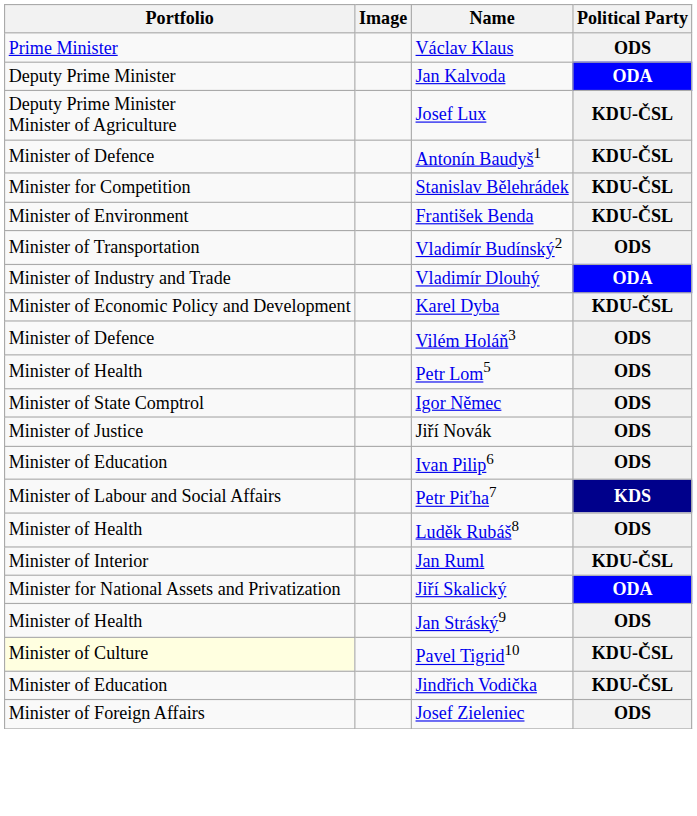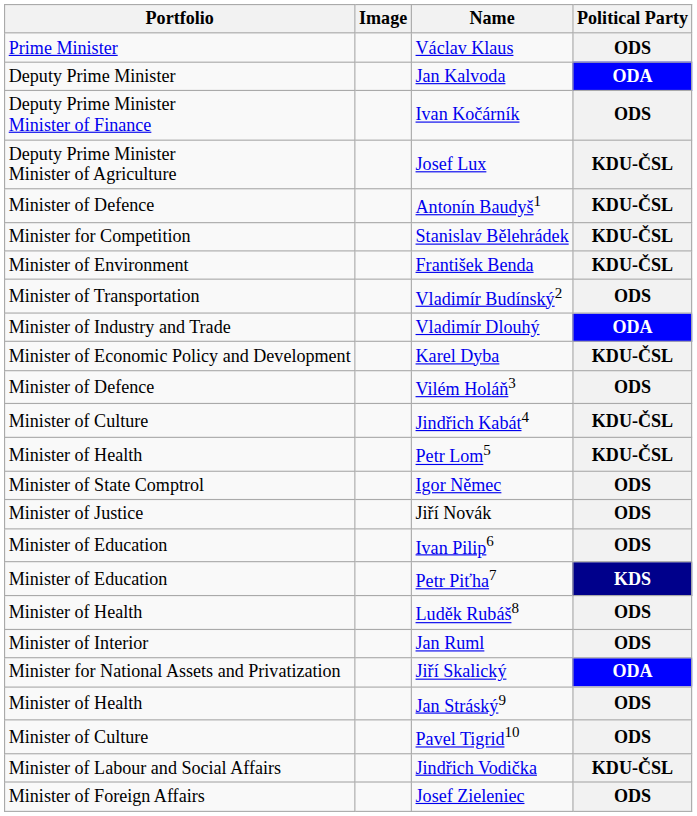 <table class="wikitable">
 <tr>
 <th>Portfolio</th>
 <th>Image</th>
 <th>Name</th>
 <th>Political Party</th>
 </tr>
 <tr>
 <td><a href='#'>Prime Minister</a></td>
 <td></td>
 <td><a href='#'>Václav Klaus</a></td>
 <th style="background-color:">ODS</th>
 </tr>
 <tr>
 <td>Deputy Prime Minister</td>
 <td></td>
 <td><a href='#'>Jan Kalvoda</a></td>
 <th style="background-color:#0000FF; color:white">ODA</th>
+</tr>
+<tr>
+<td>Deputy Prime Minister <br><a href='#'>Minister of Finance</a></td>
+<td></td>
+<td><a href='#'>Ivan Kočárník</a></td>
+<th style="background-color:">ODS</th>
 </tr>
 <tr>
 <td>Deputy Prime Minister <br>Minister of Agriculture</td>
 <td></td>
 <td><a href='#'>Josef Lux</a></td>
 <th style="background-color:">KDU-ČSL</th>
 </tr>
 <tr>
 <td>Minister of Defence</td>
 <td></td>
 <td><a href='#'>Antonín Baudyš</a><sup>1</sup></td>
 <th style="background-color:">KDU-ČSL</th>
 </tr>
 <tr>
 <td>Minister for Competition</td>
 <td></td>
 <td><a href='#'>Stanislav Bělehrádek</a></td>
 <th style="background-color:">KDU-ČSL</th>
 </tr>
 <tr>
 <td>Minister of Environment</td>
 <td></td>
 <td><a href='#'>František Benda</a></td>
 <th style="background-color:">KDU-ČSL</th>
 </tr>
 <tr>
 <td>Minister of Transportation</td>
 <td></td>
 <td><a href='#'>Vladimír Budínský</a><sup>2</sup></td>
 <th style="background-color:">ODS</th>
 </tr>
 <tr>
 <td>Minister of Industry and Trade</td>
 <td></td>
 <td><a href='#'>Vladimír Dlouhý</a></td>
 <th style="background-color:#0000FF; color:white">ODA</th>
 </tr>
 <tr>
 <td>Minister of Economic Policy and Development</td>
 <td></td>
 <td><a href='#'>Karel Dyba</a></td>
 <th style="background-color:">KDU-ČSL</th>
 </tr>
 <tr>
 <td>Minister of Defence</td>
 <td></td>
 <td><a href='#'>Vilém Holáň</a><sup>3</sup></td>
 <th style="background-color:">ODS</th>
 </tr>
 <tr>
+<td>Minister of Culture</td>
+<td></td>
+<td><a href='#'>Jindřich Kabát</a><sup>4</sup></td>
+<th style="background-color:">KDU-ČSL</th>
+</tr>
+<tr>
 <td>Minister of Health</td>
 <td></td>
 <td><a href='#'>Petr Lom</a><sup>5</sup></td>
-<th style="background-color:">ODS</th>
+<th style="background-color:">KDU-ČSL</th>
 </tr>
 <tr>
 <td>Minister of State Comptrol</td>
 <td></td>
 <td><a href='#'>Igor Němec</a></td>
 <th style="background-color:">ODS</th>
 </tr>
 <tr>
 <td>Minister of Justice</td>
 <td></td>
 <td>Jiří Novák</td>
 <th style="background-color:">ODS</th>
 </tr>
 <tr>
 <td>Minister of Education</td>
 <td></td>
 <td><a href='#'>Ivan Pilip</a><sup>6</sup></td>
 <th style="background-color:">ODS</th>
 </tr>
 <tr>
-<td>Minister of Labour and Social Affairs</td>
+<td>Minister of Education</td>
 <td></td>
 <td><a href='#'>Petr Piťha</a><sup>7</sup></td>
 <th style="background-color:#00008B; color:white">KDS</th>
 </tr>
 <tr>
 <td>Minister of Health</td>
 <td></td>
 <td><a href='#'>Luděk Rubáš</a><sup>8</sup></td>
 <th style="background-color:">ODS</th>
 </tr>
 <tr>
 <td>Minister of Interior</td>
 <td></td>
 <td><a href='#'>Jan Ruml</a></td>
-<th style="background-color:">KDU-ČSL</th>
+<th style="background-color:">ODS</th>
 </tr>
 <tr>
 <td>Minister for National Assets and Privatization</td>
 <td></td>
 <td><a href='#'>Jiří Skalický</a></td>
 <th style="background-color:#0000FF; color:white">ODA</th>
 </tr>
 <tr>
 <td>Minister of Health</td>
 <td></td>
 <td><a href='#'>Jan Stráský</a><sup>9</sup></td>
 <th style="background-color:">ODS</th>
 </tr>
 <tr>
-<td style="background: lightyellow;">Minister of Culture</td>
+<td>Minister of Culture</td>
 <td></td>
 <td><a href='#'>Pavel Tigrid</a><sup>10</sup></td>
-<th style="background-color:">KDU-ČSL</th>
+<th style="background-color:">ODS</th>
 </tr>
 <tr>
-<td>Minister of Education</td>
+<td>Minister of Labour and Social Affairs</td>
 <td></td>
 <td><a href='#'>Jindřich Vodička</a></td>
 <th style="background-color:">KDU-ČSL</th>
 </tr>
 <tr>
 <td>Minister of Foreign Affairs</td>
 <td></td>
 <td><a href='#'>Josef Zieleniec</a></td>
 <th style="background-color:">ODS</th>
 </tr>
 </table>
